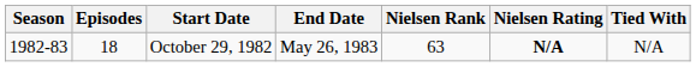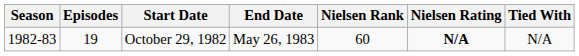 <table class="wikitable" style="text-align: center">
 <tr>
 <th>Season</th>
 <th>Episodes</th>
 <th>Start Date</th>
 <th>End Date</th>
 <th>Nielsen Rank</th>
 <th>Nielsen Rating</th>
 <th>Tied With</th>
 </tr>
 <tr>
 <td style="text-align:center">1982-83</td>
-<td style="text-align:center">18</td>
+<td style="text-align:center">19</td>
 <td style="text-align:center">October 29, 1982</td>
 <td style="text-align:center">May 26, 1983</td>
-<td style="text-align:center:">63</td>
+<td style="text-align:center:">60</td>
 <td style="text-align:center"><strong>N/A</strong></td>
 <td style="text-align:center">N/A</td>
 </tr>
 </table>
